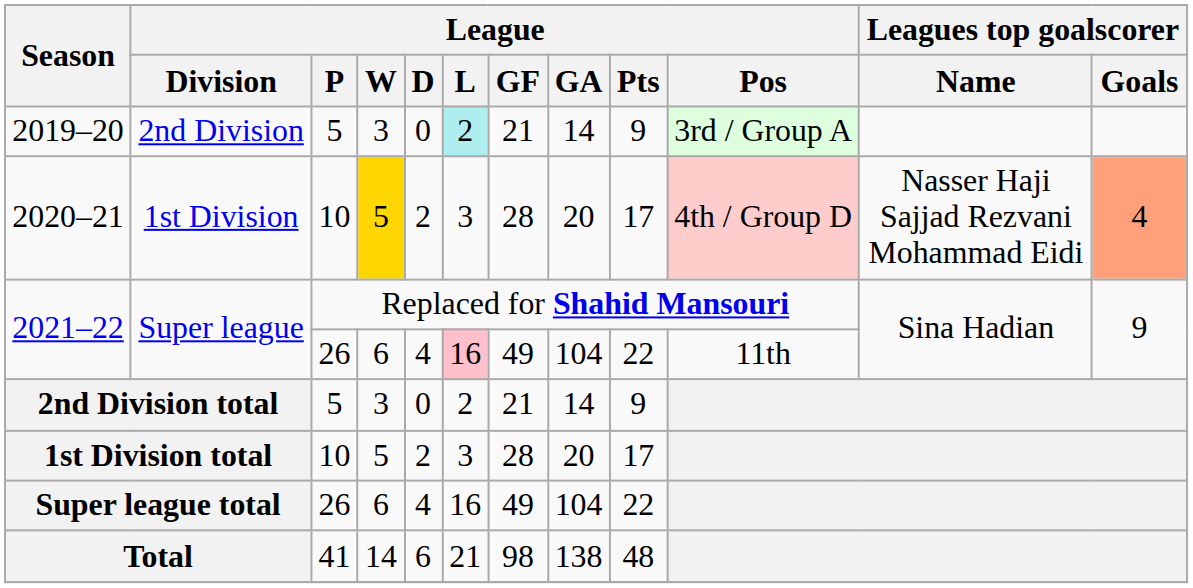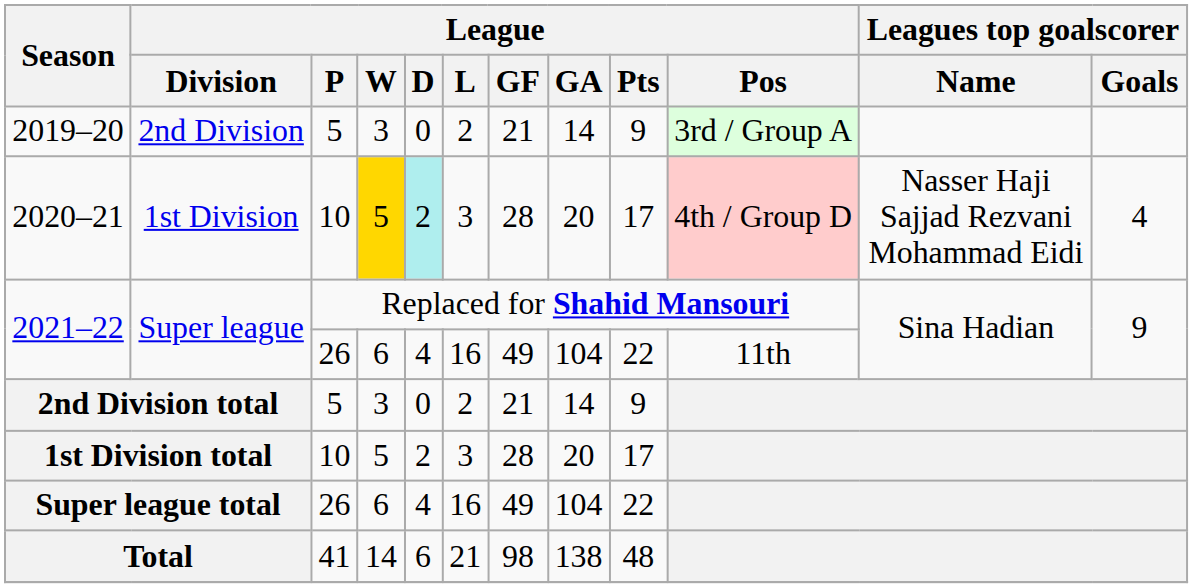 <table class="wikitable" style="text-align: center">
 <tr>
 <th rowspan=2>Season</th>
 <th colspan=10>League</th>
 <th colspan=2>Leagues top goalscorer</th>
 </tr>
 <tr>
 <th colspan=2>Division</th>
 <th>P</th>
 <th>W</th>
 <th>D</th>
 <th>L</th>
 <th>GF</th>
 <th>GA</th>
 <th>Pts</th>
 <th>Pos</th>
 <th>Name</th>
 <th>Goals</th>
 </tr>
 <tr>
 <td>2019–20</td>
 <td colspan=2><a href='#'>2nd Division</a></td>
 <td>5</td>
 <td>3</td>
 <td>0</td>
-<td style="background: paleturquoise;">2</td>
+<td>2</td>
 <td>21</td>
 <td>14</td>
 <td>9</td>
 <td bgcolor="#DDFFDD">3rd / Group A</td>
 <td></td>
 <td></td>
 </tr>
 <tr>
 <td>2020–21</td>
 <td colspan=2><a href='#'>1st Division</a></td>
 <td>10</td>
 <td style="background: gold;">5</td>
-<td>2</td>
+<td style="background: paleturquoise;">2</td>
 <td>3</td>
 <td>28</td>
 <td>20</td>
 <td>17</td>
 <td bgcolor="#FFCCCC">4th / Group D</td>
 <td>Nasser Haji <br> Sajjad Rezvani <br> Mohammad Eidi</td>
-<td style="background: lightsalmon;">4</td>
+<td>4</td>
 </tr>
 <tr>
 <td rowspan=2><a href='#'>2021–22</a></td>
 <td colspan=2 rowspan=2><a href='#'>Super league</a></td>
 <td colspan=8>Replaced for <strong><a href='#'>Shahid Mansouri</a></strong></td>
 <td rowspan=2>Sina Hadian</td>
 <td rowspan=2>9</td>
 </tr>
 <tr>
 <td>26</td>
 <td>6</td>
 <td>4</td>
-<td style="background: pink;">16</td>
+<td>16</td>
 <td>49</td>
 <td>104</td>
 <td>22</td>
 <td>11th</td>
 </tr>
 <tr>
 <th colspan=3>2nd Division total</th>
 <td>5</td>
 <td>3</td>
 <td>0</td>
 <td>2</td>
 <td>21</td>
 <td>14</td>
 <td>9</td>
 <th colspan=5></th>
 </tr>
 <tr>
 <th colspan=3>1st Division total</th>
 <td>10</td>
 <td>5</td>
 <td>2</td>
 <td>3</td>
 <td>28</td>
 <td>20</td>
 <td>17</td>
 <th colspan=5></th>
 </tr>
 <tr>
 <th colspan=3>Super league total</th>
 <td>26</td>
 <td>6</td>
 <td>4</td>
 <td>16</td>
 <td>49</td>
 <td>104</td>
 <td>22</td>
 <th colspan=5></th>
 </tr>
 <tr>
 <th colspan=3>Total</th>
 <td>41</td>
 <td>14</td>
 <td>6</td>
 <td>21</td>
 <td>98</td>
 <td>138</td>
 <td>48</td>
 <th colspan=5></th>
 </tr>
 <tr>
 </tr>
 </table>
